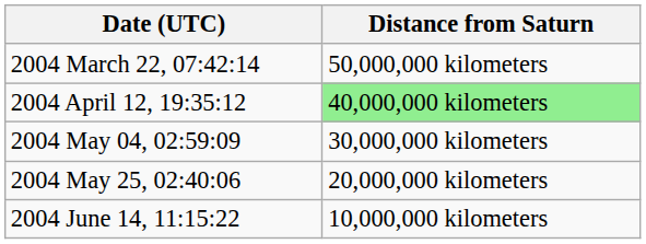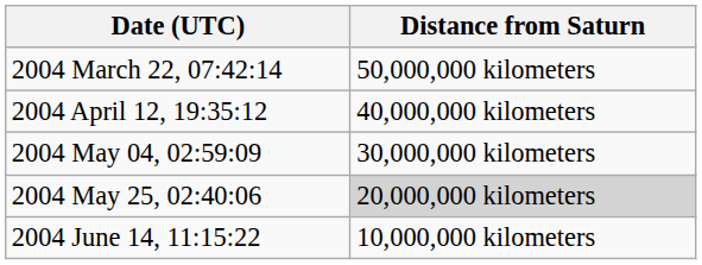 <table class="wikitable">
 <tr>
 <th style="width:200px;">Date (UTC)</th>
 <th style="width:200px;">Distance from Saturn</th>
 </tr>
 <tr>
 <td>2004 March 22, 07:42:14</td>
 <td>50,000,000 kilometers</td>
 </tr>
 <tr>
 <td>2004 April 12, 19:35:12</td>
-<td style="background: lightgreen;">40,000,000 kilometers</td>
+<td>40,000,000 kilometers</td>
 </tr>
 <tr>
 <td>2004 May 04, 02:59:09</td>
 <td>30,000,000 kilometers</td>
 </tr>
 <tr>
 <td>2004 May 25, 02:40:06</td>
-<td>20,000,000 kilometers</td>
+<td style="background: lightgrey;">20,000,000 kilometers</td>
 </tr>
 <tr>
 <td>2004 June 14, 11:15:22</td>
 <td>10,000,000 kilometers</td>
 </tr>
 </table>
